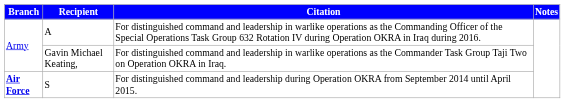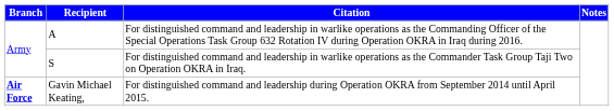 <table border="2" cellpadding="2" cellspacing="0" style="margin: 1em 1em 1em 0; border: 1px #aaa solid; font-size:95%; border-collapse: collapse;">
 <tr style="background: blue; color: white">
 <th>Branch</th>
 <th>Recipient</th>
 <th>Citation</th>
 <th>Notes</th>
 </tr>
 <tr>
 <td rowspan=2><a href='#'>Army</a></td>
 <td> A</td>
 <td>For distinguished command and leadership in warlike operations as the Commanding Officer of the Special Operations Task Group 632 Rotation IV during Operation OKRA in Iraq during 2016.</td>
 <td rowspan=3></td>
 </tr>
 <tr>
-<td> Gavin Michael Keating, </td>
+<td> S</td>
 <td>For distinguished command and leadership in warlike operations as the Commander Task Group Taji Two on Operation OKRA in Iraq.</td>
 </tr>
 <tr>
 <td><strong><a href='#'>Air Force</a></strong></td>
-<td> S</td>
+<td> Gavin Michael Keating, </td>
 <td>For distinguished command and leadership during Operation OKRA from September 2014 until April 2015.</td>
 </tr>
 </table>
